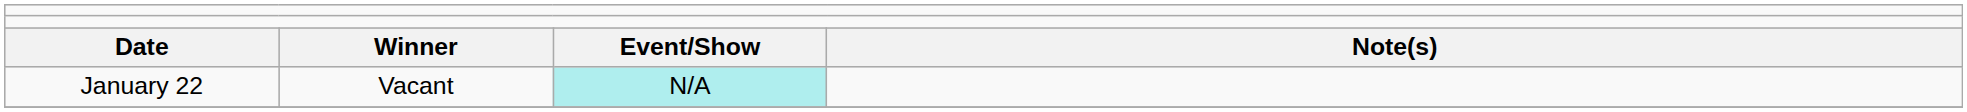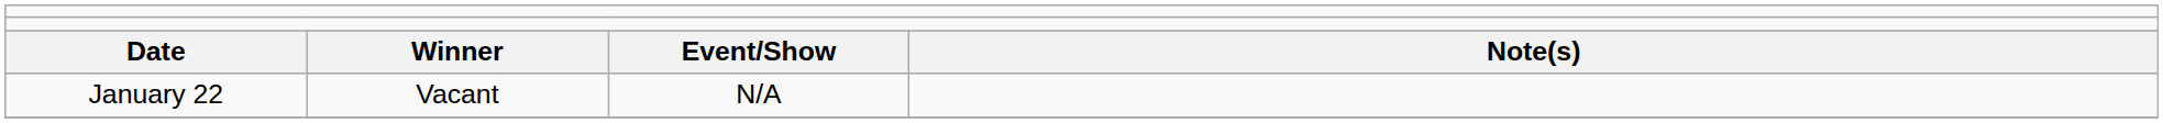 <table class="wikitable" style="text-align:center; width:100%;">
 <tr>
 <td colspan="5"></td>
 </tr>
 <tr>
 <td colspan="5"><strong></strong></td>
 </tr>
 <tr>
 <th width="14%">Date</th>
 <th width="14%">Winner</th>
 <th width="14%">Event/Show</th>
 <th width="58%">Note(s)</th>
 </tr>
 <tr>
 <td>January 22</td>
 <td>Vacant</td>
-<td style="background: paleturquoise;">N/A</td>
+<td>N/A</td>
 <td align=left></td>
 </tr>
 <tr>
 </tr>
 </table>
